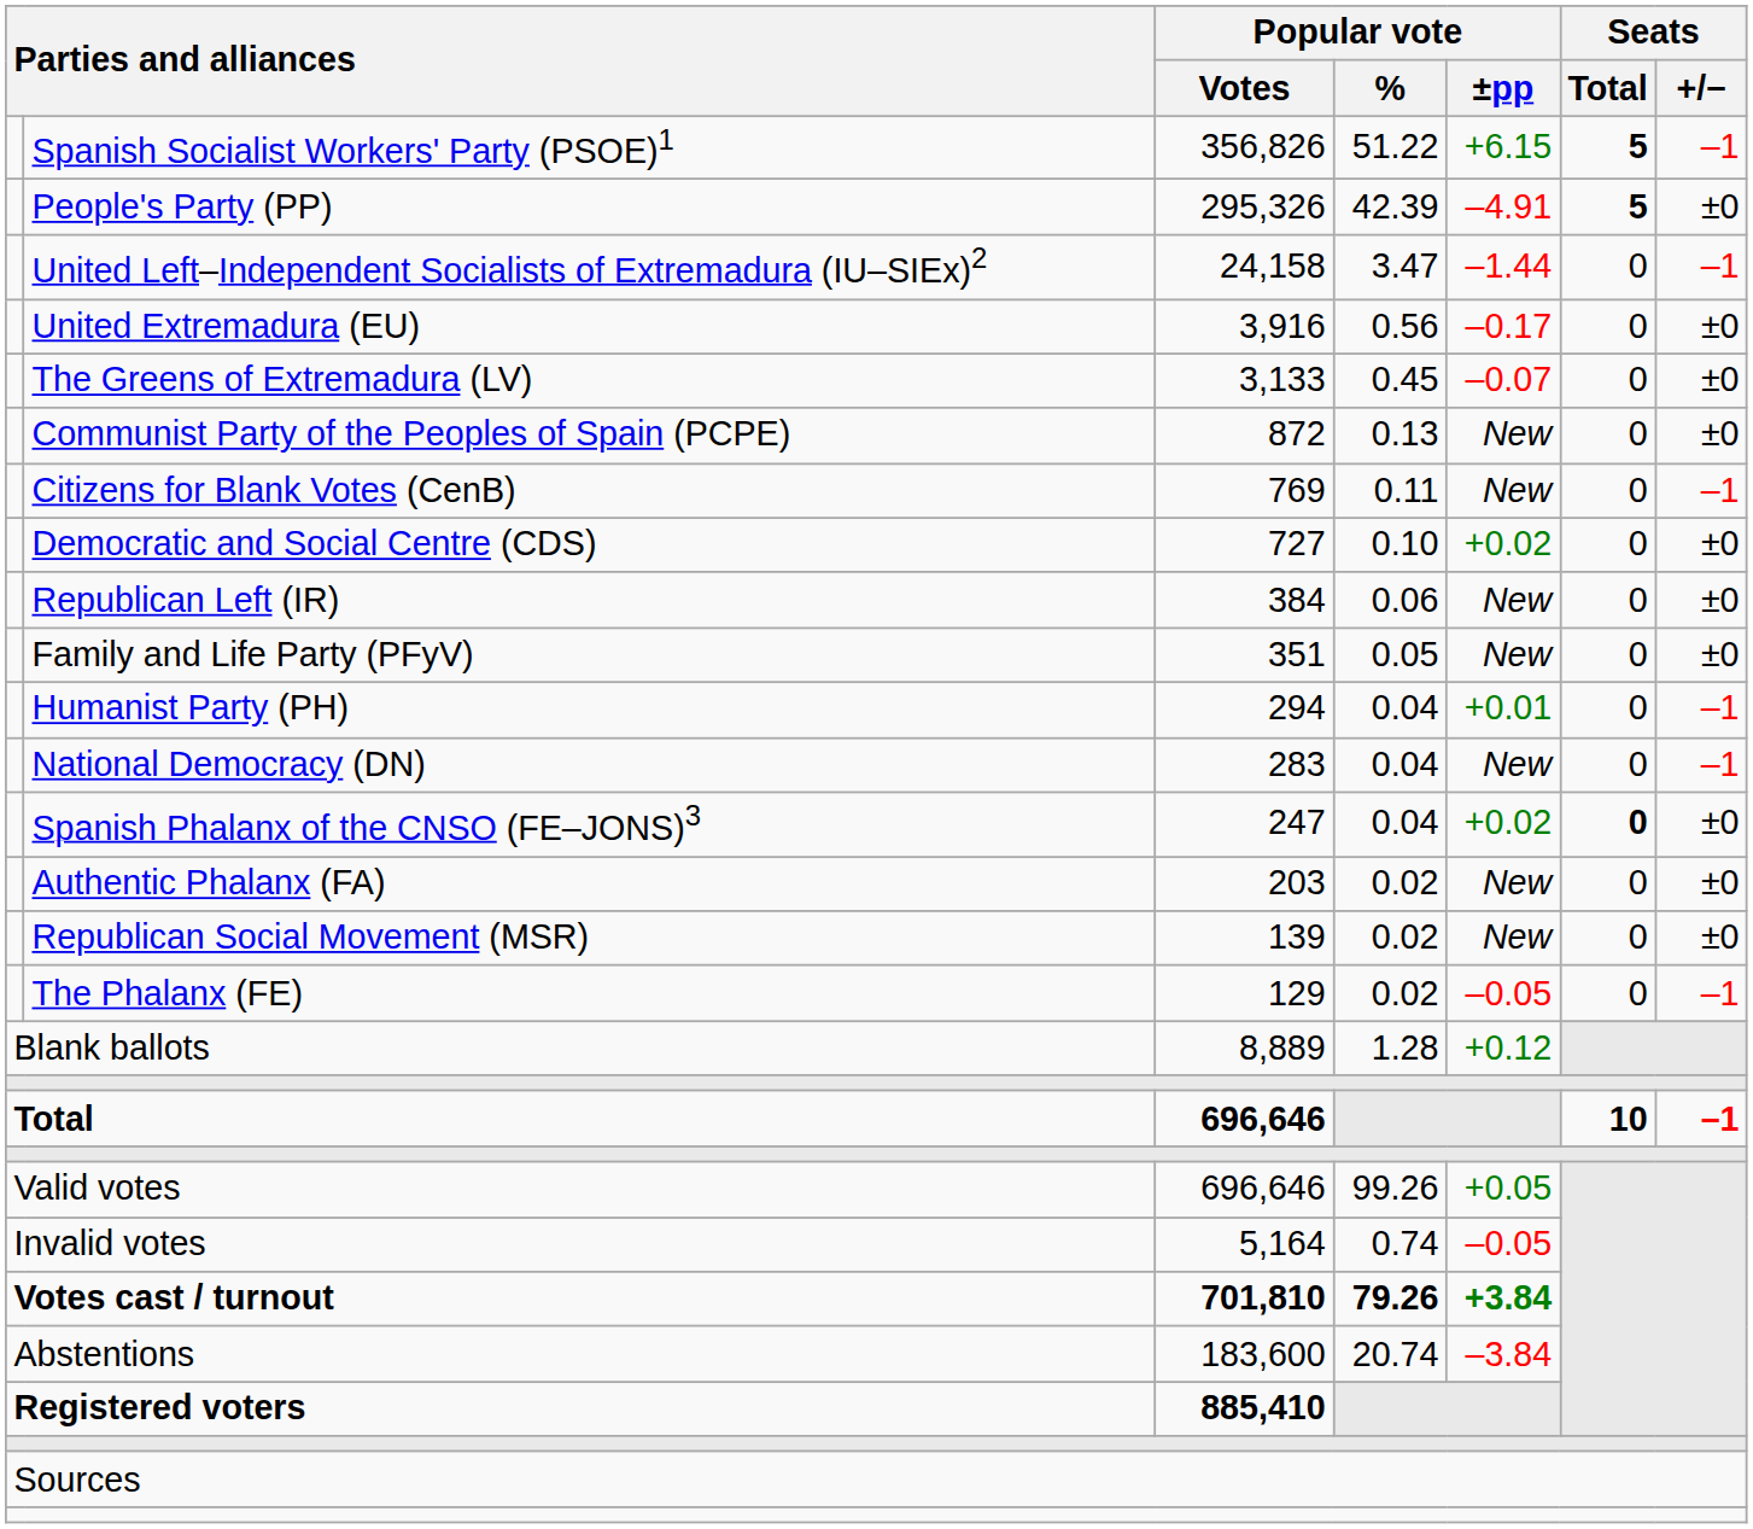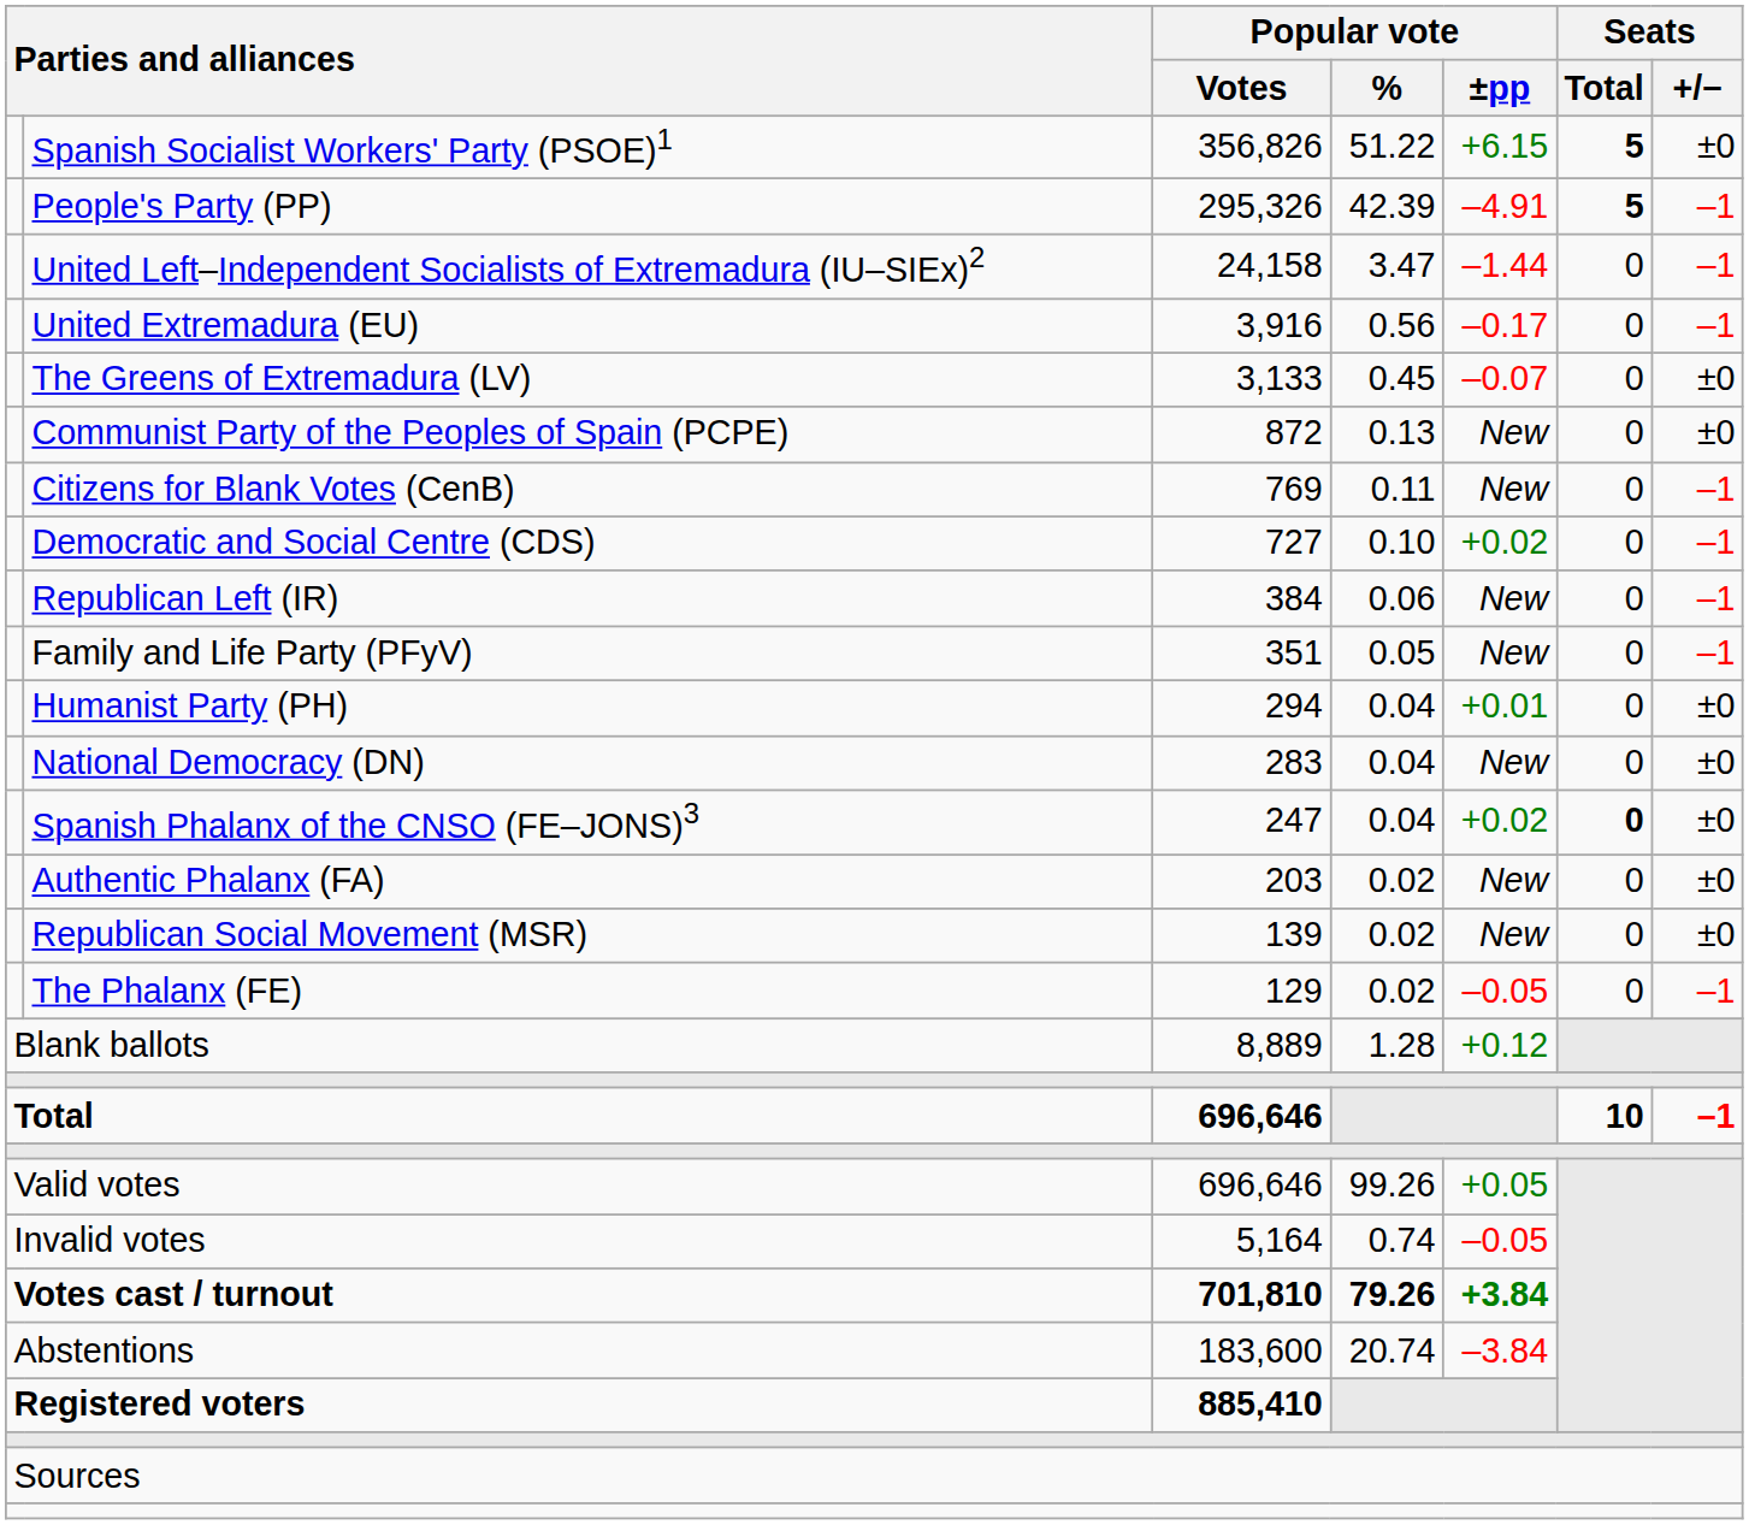 <table class="wikitable" style="text-align:right;">
 <tr>
 <th style="text-align:left;" rowspan="2" colspan="2" width="525">Parties and alliances</th>
 <th colspan="3">Popular vote</th>
 <th colspan="2">Seats</th>
 </tr>
 <tr>
 <th width="75">Votes</th>
 <th width="45">%</th>
 <th width="45">±<a href='#'>pp</a></th>
 <th width="35">Total</th>
 <th width="35">+/−</th>
 </tr>
 <tr>
 <td width="1" style="color:inherit;background:"></td>
 <td align="left"><a href='#'>Spanish Socialist Workers' Party</a> (PSOE)<sup>1</sup></td>
 <td>356,826</td>
 <td>51.22</td>
 <td style="color:green;">+6.15</td>
 <td><strong>5</strong></td>
-<td style="color:red;">–1</td>
+<td>±0</td>
 </tr>
 <tr>
 <td style="color:inherit;background:"></td>
 <td align="left"><a href='#'>People's Party</a> (PP)</td>
 <td>295,326</td>
 <td>42.39</td>
 <td style="color:red;">–4.91</td>
 <td><strong>5</strong></td>
-<td>±0</td>
+<td style="color:red;">–1</td>
 </tr>
 <tr>
 <td style="color:inherit;background:"></td>
 <td align="left"><a href='#'>United Left</a>–<a href='#'>Independent Socialists of Extremadura</a> (IU–SIEx)<sup>2</sup></td>
 <td>24,158</td>
 <td>3.47</td>
 <td style="color:red;">–1.44</td>
 <td>0</td>
 <td style="color:red;">–1</td>
 </tr>
 <tr>
 <td style="color:inherit;background:"></td>
 <td align="left"><a href='#'>United Extremadura</a> (EU)</td>
 <td>3,916</td>
 <td>0.56</td>
 <td style="color:red;">–0.17</td>
 <td>0</td>
-<td>±0</td>
+<td style="color:red;">–1</td>
 </tr>
 <tr>
 <td style="color:inherit;background:"></td>
 <td align="left"><a href='#'>The Greens of Extremadura</a> (LV)</td>
 <td>3,133</td>
 <td>0.45</td>
 <td style="color:red;">–0.07</td>
 <td>0</td>
 <td>±0</td>
 </tr>
 <tr>
 <td style="color:inherit;background:"></td>
 <td align="left"><a href='#'>Communist Party of the Peoples of Spain</a> (PCPE)</td>
 <td>872</td>
 <td>0.13</td>
 <td><em>New</em></td>
 <td>0</td>
 <td>±0</td>
 </tr>
 <tr>
 <td style="color:inherit;background:"></td>
 <td align="left"><a href='#'>Citizens for Blank Votes</a> (CenB)</td>
 <td>769</td>
 <td>0.11</td>
 <td><em>New</em></td>
 <td>0</td>
 <td style="color:red;">–1</td>
 </tr>
 <tr>
 <td style="color:inherit;background:"></td>
 <td align="left"><a href='#'>Democratic and Social Centre</a> (CDS)</td>
 <td>727</td>
 <td>0.10</td>
 <td style="color:green;">+0.02</td>
 <td>0</td>
-<td>±0</td>
+<td style="color:red;">–1</td>
 </tr>
 <tr>
 <td style="color:inherit;background:"></td>
 <td align="left"><a href='#'>Republican Left</a> (IR)</td>
 <td>384</td>
 <td>0.06</td>
 <td><em>New</em></td>
 <td>0</td>
-<td>±0</td>
+<td style="color:red;">–1</td>
 </tr>
 <tr>
 <td style="color:inherit;background:"></td>
 <td align="left">Family and Life Party (PFyV)</td>
 <td>351</td>
 <td>0.05</td>
 <td><em>New</em></td>
 <td>0</td>
-<td>±0</td>
+<td style="color:red;">–1</td>
 </tr>
 <tr>
 <td style="color:inherit;background:"></td>
 <td align="left"><a href='#'>Humanist Party</a> (PH)</td>
 <td>294</td>
 <td>0.04</td>
 <td style="color:green;">+0.01</td>
 <td>0</td>
-<td style="color:red;">–1</td>
+<td>±0</td>
 </tr>
 <tr>
 <td style="color:inherit;background:"></td>
 <td align="left"><a href='#'>National Democracy</a> (DN)</td>
 <td>283</td>
 <td>0.04</td>
 <td><em>New</em></td>
 <td>0</td>
-<td style="color:red;">–1</td>
+<td>±0</td>
 </tr>
 <tr>
 <td style="color:inherit;background:"></td>
 <td align="left"><a href='#'>Spanish Phalanx of the CNSO</a> (FE–JONS)<sup>3</sup></td>
 <td>247</td>
 <td>0.04</td>
 <td style="color:green;">+0.02</td>
 <td><strong>0</strong></td>
 <td>±0</td>
 </tr>
 <tr>
 <td style="color:inherit;background:"></td>
 <td align="left"><a href='#'>Authentic Phalanx</a> (FA)</td>
 <td>203</td>
 <td>0.02</td>
 <td><em>New</em></td>
 <td>0</td>
 <td>±0</td>
 </tr>
 <tr>
 <td style="color:inherit;background:"></td>
 <td align="left"><a href='#'>Republican Social Movement</a> (MSR)</td>
 <td>139</td>
 <td>0.02</td>
 <td><em>New</em></td>
 <td>0</td>
 <td>±0</td>
 </tr>
 <tr>
 <td style="color:inherit;background:"></td>
 <td align="left"><a href='#'>The Phalanx</a> (FE)</td>
 <td>129</td>
 <td>0.02</td>
 <td style="color:red;">–0.05</td>
 <td>0</td>
 <td style="color:red;">–1</td>
 </tr>
 <tr>
 <td align="left" colspan="2">Blank ballots</td>
 <td>8,889</td>
 <td>1.28</td>
 <td style="color:green;">+0.12</td>
 <td bgcolor="#E9E9E9" colspan="2"></td>
 </tr>
 <tr>
 <td colspan="7" bgcolor="#E9E9E9"></td>
 </tr>
 <tr style="font-weight:bold;">
 <td align="left" colspan="2">Total</td>
 <td>696,646</td>
 <td bgcolor="#E9E9E9" colspan="2"></td>
 <td>10</td>
 <td style="color:red;">–1</td>
 </tr>
 <tr>
 <td colspan="7" bgcolor="#E9E9E9"></td>
 </tr>
 <tr>
 <td align="left" colspan="2">Valid votes</td>
 <td>696,646</td>
 <td>99.26</td>
 <td style="color:green;">+0.05</td>
 <td bgcolor="#E9E9E9" colspan="2" rowspan="5"></td>
 </tr>
 <tr>
 <td align="left" colspan="2">Invalid votes</td>
 <td>5,164</td>
 <td>0.74</td>
 <td style="color:red;">–0.05</td>
 </tr>
 <tr style="font-weight:bold;">
 <td align="left" colspan="2">Votes cast / turnout</td>
 <td>701,810</td>
 <td>79.26</td>
 <td style="color:green;">+3.84</td>
 </tr>
 <tr>
 <td align="left" colspan="2">Abstentions</td>
 <td>183,600</td>
 <td>20.74</td>
 <td style="color:red;">–3.84</td>
 </tr>
 <tr style="font-weight:bold;">
 <td align="left" colspan="2">Registered voters</td>
 <td>885,410</td>
 <td bgcolor="#E9E9E9" colspan="2"></td>
 </tr>
 <tr>
 <td colspan="7" bgcolor="#E9E9E9"></td>
 </tr>
 <tr>
 <td align="left" colspan="7">Sources</td>
 </tr>
 <tr>
 <td colspan="7" style="text-align:left; max-width:790px;"></td>
 </tr>
 </table>
